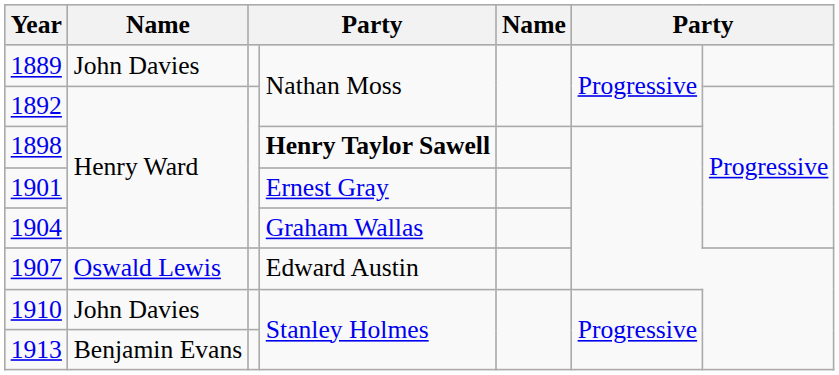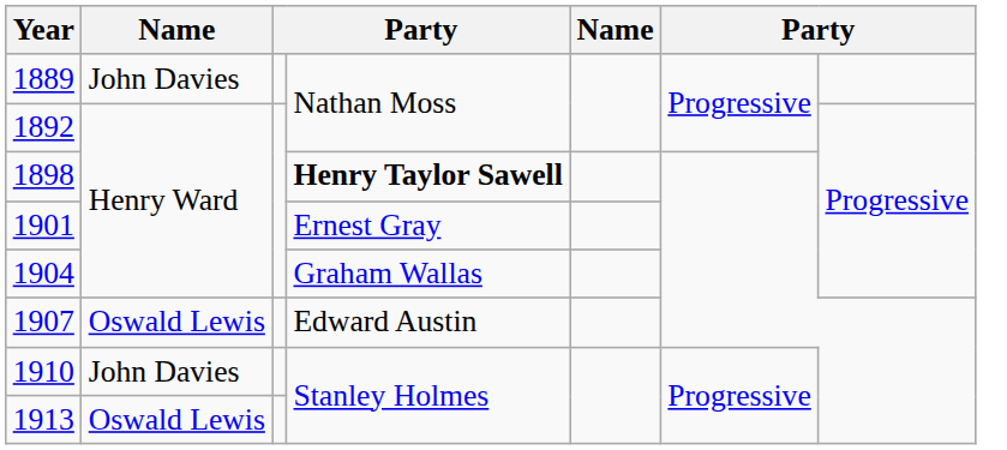 <table class="wikitable">
 <tr>
 <th>Year</th>
 <th>Name</th>
 <th colspan=2>Party</th>
 <th>Name</th>
 <th colspan=2>Party</th>
 </tr>
 <tr>
 <td><a href='#'>1889</a></td>
 <td>John Davies</td>
 <td></td>
 <td rowspan=2>Nathan Moss</td>
 <td rowspan=2 style="background-color: "></td>
 <td rowspan=2><a href='#'>Progressive</a></td>
 </tr>
 <tr>
 <td><a href='#'>1892</a></td>
 <td rowspan=4>Henry Ward</td>
 <td rowspan=4 style="background-color: "></td>
 <td rowspan=4><a href='#'>Progressive</a></td>
 </tr>
 <tr>
 <td><a href='#'>1898</a></td>
 <td><strong>Henry Taylor Sawell</strong></td>
 <td></td>
 </tr>
 <tr>
 <td><a href='#'>1901</a></td>
 <td><a href='#'>Ernest Gray</a></td>
 <td></td>
 </tr>
 <tr>
 <td><a href='#'>1904</a></td>
 <td><a href='#'>Graham Wallas</a></td>
 <td></td>
 </tr>
 <tr>
 <td><a href='#'>1907</a></td>
 <td><a href='#'>Oswald Lewis</a></td>
 <td></td>
 <td>Edward Austin</td>
 <td></td>
 </tr>
 <tr>
 <td><a href='#'>1910</a></td>
 <td>John Davies</td>
 <td></td>
 <td rowspan=2><a href='#'>Stanley Holmes</a></td>
 <td rowspan=2 style="background-color: "></td>
 <td rowspan=2><a href='#'>Progressive</a></td>
 </tr>
 <tr>
 <td><a href='#'>1913</a></td>
-<td>Benjamin Evans</td>
+<td><a href='#'>Oswald Lewis</a></td>
 <td></td>
 </tr>
 </table>
